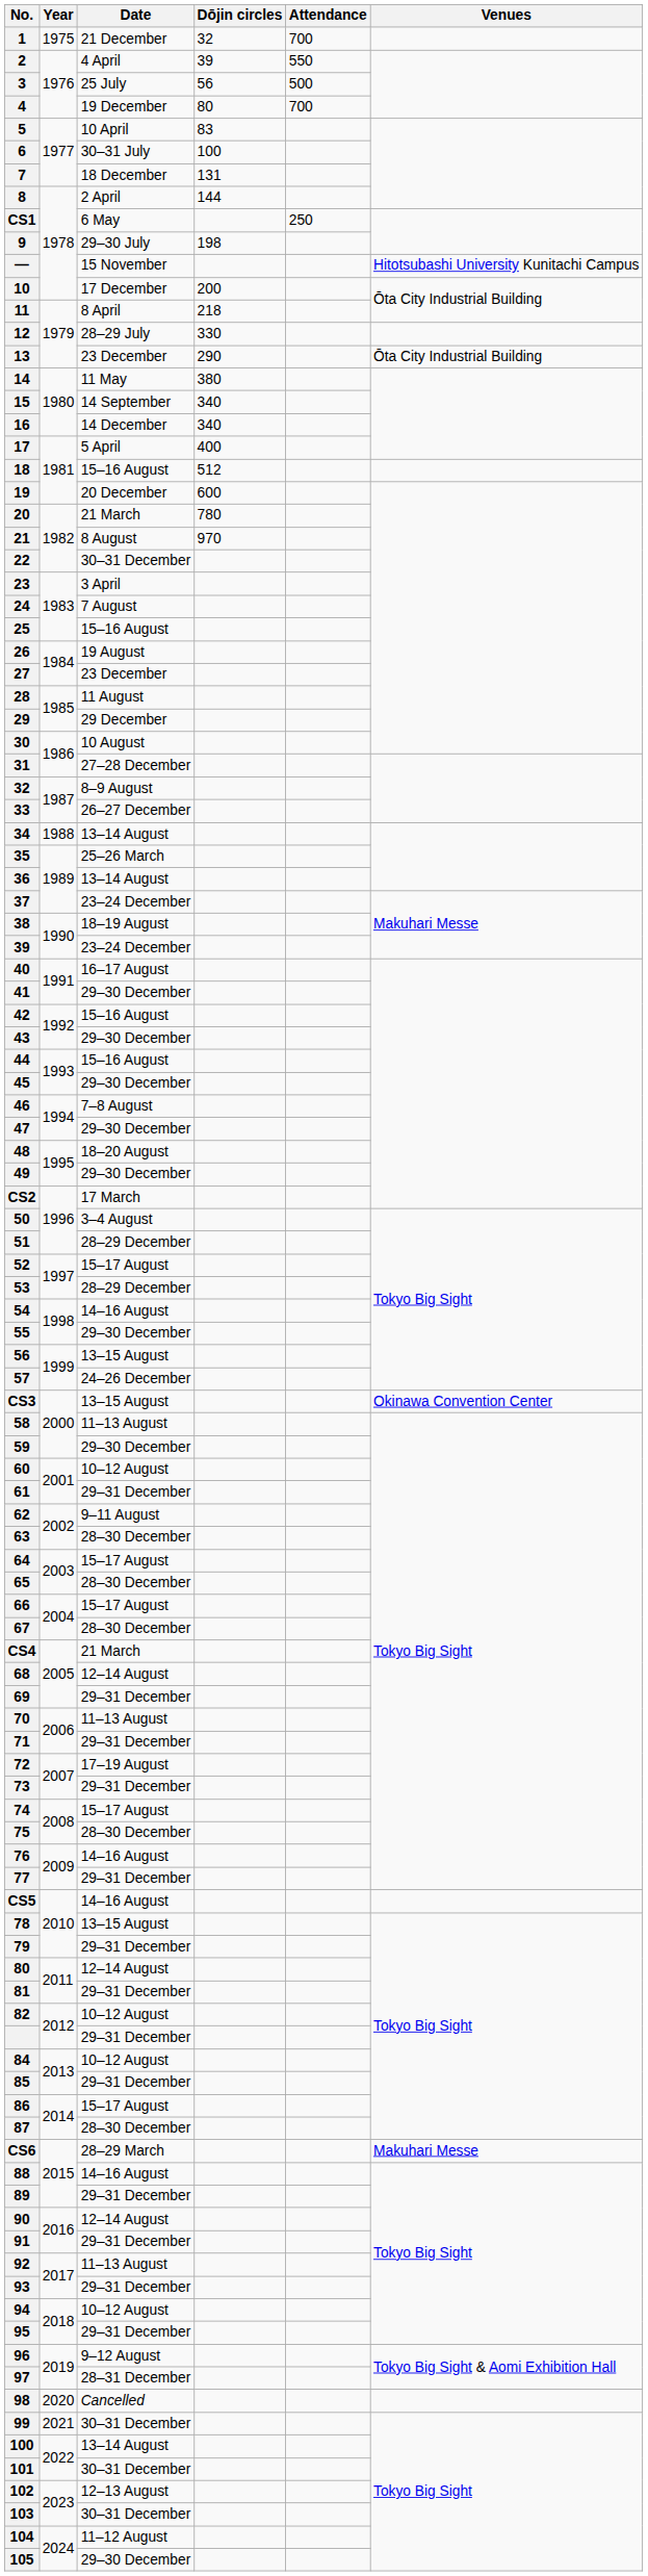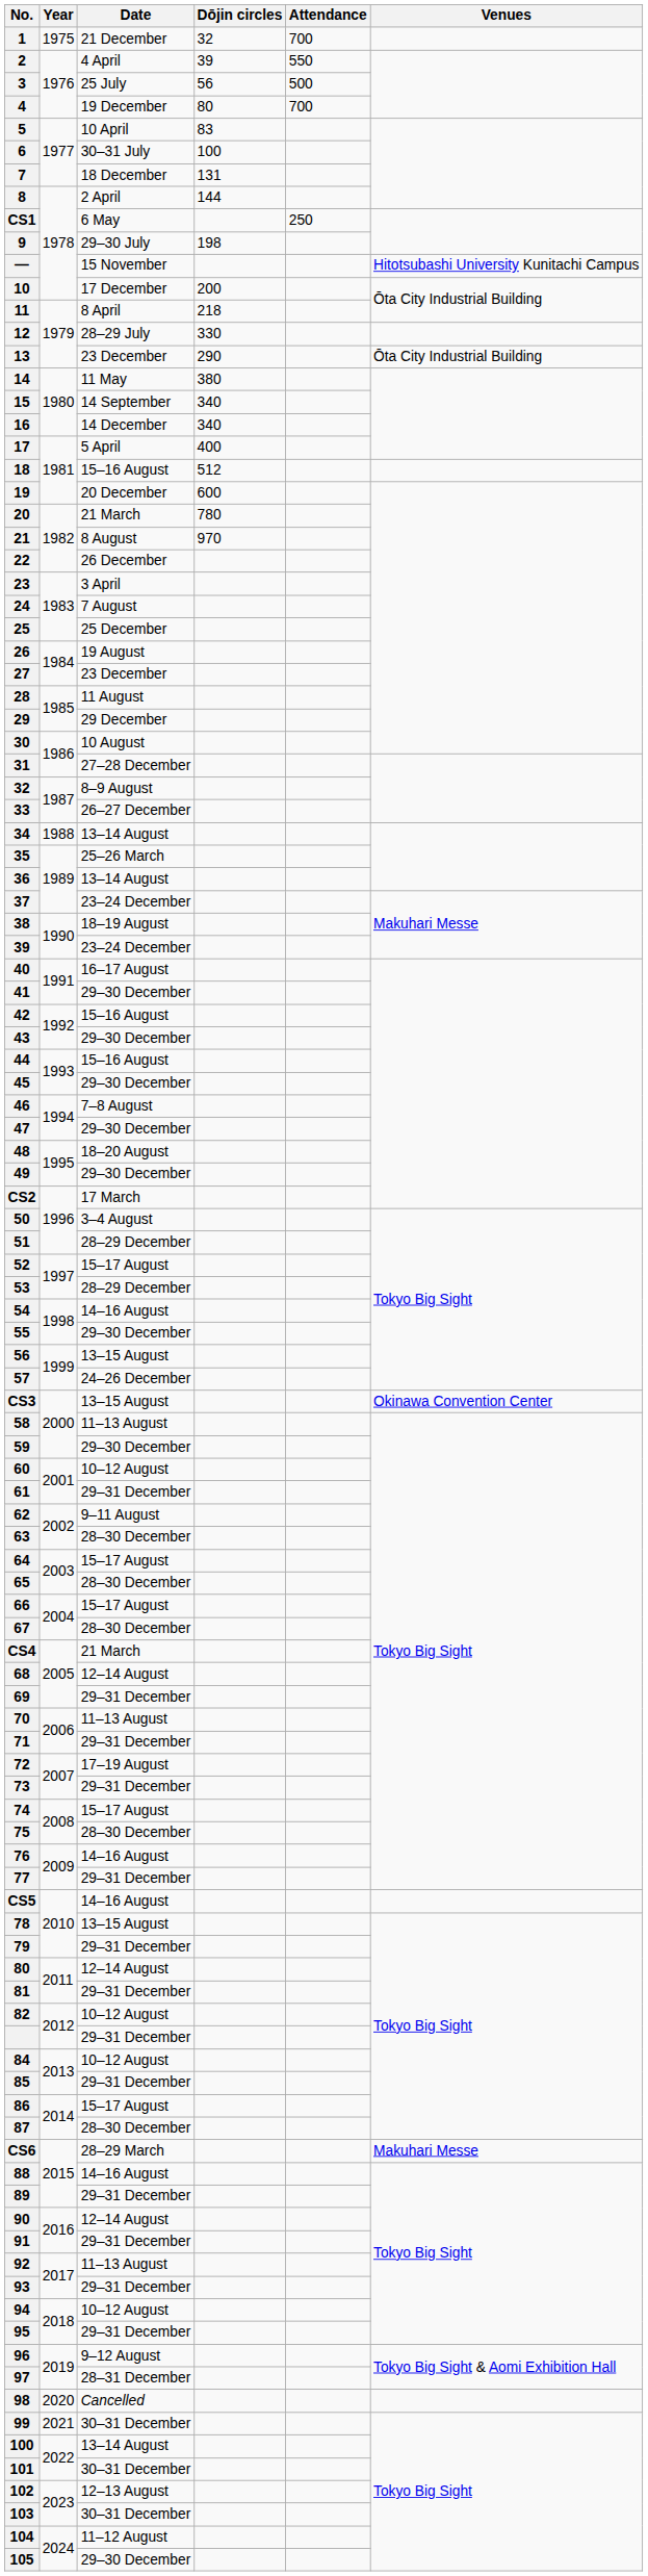 <table class="wikitable">
 <tr>
 <th>No.</th>
 <th>Year</th>
 <th>Date</th>
 <th>Dōjin circles</th>
 <th>Attendance</th>
 <th>Venues</th>
 </tr>
 <tr>
 <th>1</th>
 <td>1975</td>
 <td>21 December</td>
 <td>32</td>
 <td>700</td>
 <td></td>
 </tr>
 <tr>
 <th>2</th>
 <td rowspan="3">1976</td>
 <td>4 April</td>
 <td>39</td>
 <td>550</td>
 <td rowspan="3"></td>
 </tr>
 <tr>
 <th>3</th>
 <td>25 July</td>
 <td>56</td>
 <td>500</td>
 </tr>
 <tr>
 <th>4</th>
 <td>19 December</td>
 <td>80</td>
 <td>700</td>
 </tr>
 <tr>
 <th>5</th>
 <td rowspan="3">1977</td>
 <td>10 April</td>
 <td>83</td>
 <td></td>
 <td rowspan="4"></td>
 </tr>
 <tr>
 <th>6</th>
 <td>30–31 July</td>
 <td>100</td>
 <td></td>
 </tr>
 <tr>
 <th>7</th>
 <td>18 December</td>
 <td>131</td>
 <td></td>
 </tr>
 <tr>
 <th>8</th>
 <td rowspan="5">1978</td>
 <td>2 April</td>
 <td>144</td>
 <td></td>
 </tr>
 <tr>
 <th>CS1</th>
 <td>6 May</td>
 <td></td>
 <td>250</td>
 <td rowspan="2"></td>
 </tr>
 <tr>
 <th>9</th>
 <td>29–30 July</td>
 <td>198</td>
 <td></td>
 </tr>
 <tr>
 <th>—</th>
 <td>15 November</td>
 <td></td>
 <td></td>
 <td><a href='#'>Hitotsubashi University</a> Kunitachi Campus</td>
 </tr>
 <tr>
 <th>10</th>
 <td>17 December</td>
 <td>200</td>
 <td></td>
 <td rowspan="2">Ōta City Industrial Building</td>
 </tr>
 <tr>
 <th>11</th>
 <td rowspan="3">1979</td>
 <td>8 April</td>
 <td>218</td>
 <td></td>
 </tr>
 <tr>
 <th>12</th>
 <td>28–29 July</td>
 <td>330</td>
 <td></td>
 <td></td>
 </tr>
 <tr>
 <th>13</th>
 <td>23 December</td>
 <td>290</td>
 <td></td>
 <td>Ōta City Industrial Building</td>
 </tr>
 <tr>
 <th>14</th>
 <td rowspan="3">1980</td>
 <td>11 May</td>
 <td>380</td>
 <td></td>
 <td rowspan="4"></td>
 </tr>
 <tr>
 <th>15</th>
 <td>14 September</td>
 <td>340</td>
 <td></td>
 </tr>
 <tr>
 <th>16</th>
 <td>14 December</td>
 <td>340</td>
 <td></td>
 </tr>
 <tr>
 <th>17</th>
 <td rowspan="3">1981</td>
 <td>5 April</td>
 <td>400</td>
 <td></td>
 </tr>
 <tr>
 <th>18</th>
 <td>15–16 August</td>
 <td>512</td>
 <td></td>
 <td></td>
 </tr>
 <tr>
 <th>19</th>
 <td>20 December</td>
 <td>600</td>
 <td></td>
 <td rowspan="12"></td>
 </tr>
 <tr>
 <th>20</th>
 <td rowspan="3">1982</td>
 <td>21 March</td>
 <td>780</td>
 <td></td>
 </tr>
 <tr>
 <th>21</th>
 <td>8 August</td>
 <td>970</td>
 <td></td>
 </tr>
 <tr>
 <th>22</th>
-<td>30–31 December</td>
+<td>26 December</td>
 <td></td>
 <td></td>
 </tr>
 <tr>
 <th>23</th>
 <td rowspan="3">1983</td>
 <td>3 April</td>
 <td></td>
 <td></td>
 </tr>
 <tr>
 <th>24</th>
 <td>7 August</td>
 <td></td>
 <td></td>
 </tr>
 <tr>
 <th>25</th>
-<td>15–16 August</td>
+<td>25 December</td>
 <td></td>
 <td></td>
 </tr>
 <tr>
 <th>26</th>
 <td rowspan="2">1984</td>
 <td>19 August</td>
 <td></td>
 <td></td>
 </tr>
 <tr>
 <th>27</th>
 <td>23 December</td>
 <td></td>
 <td></td>
 </tr>
 <tr>
 <th>28</th>
 <td rowspan="2">1985</td>
 <td>11 August</td>
 <td></td>
 <td></td>
 </tr>
 <tr>
 <th>29</th>
 <td>29 December</td>
 <td></td>
 <td></td>
 </tr>
 <tr>
 <th>30</th>
 <td rowspan="2">1986</td>
 <td>10 August</td>
 <td></td>
 <td></td>
 </tr>
 <tr>
 <th>31</th>
 <td>27–28 December</td>
 <td></td>
 <td></td>
 <td rowspan="3"></td>
 </tr>
 <tr>
 <th>32</th>
 <td rowspan="2">1987</td>
 <td>8–9 August</td>
 <td></td>
 <td></td>
 </tr>
 <tr>
 <th>33</th>
 <td>26–27 December</td>
 <td></td>
 <td></td>
 </tr>
 <tr>
 <th>34</th>
 <td>1988</td>
 <td>13–14 August</td>
 <td></td>
 <td></td>
 <td rowspan="3"></td>
 </tr>
 <tr>
 <th>35</th>
 <td rowspan="3">1989</td>
 <td>25–26 March</td>
 <td></td>
 <td></td>
 </tr>
 <tr>
 <th>36</th>
 <td>13–14 August</td>
 <td></td>
 <td></td>
 </tr>
 <tr>
 <th>37</th>
 <td>23–24 December</td>
 <td></td>
 <td></td>
 <td rowspan="3"><a href='#'>Makuhari Messe</a></td>
 </tr>
 <tr>
 <th>38</th>
 <td rowspan="2">1990</td>
 <td>18–19 August</td>
 <td></td>
 <td></td>
 </tr>
 <tr>
 <th>39</th>
 <td>23–24 December</td>
 <td></td>
 <td></td>
 </tr>
 <tr>
 <th>40</th>
 <td rowspan="2">1991</td>
 <td>16–17 August</td>
 <td></td>
 <td></td>
 <td rowspan="11"></td>
 </tr>
 <tr>
 <th>41</th>
 <td>29–30 December</td>
 <td></td>
 <td></td>
 </tr>
 <tr>
 <th>42</th>
 <td rowspan="2">1992</td>
 <td>15–16 August</td>
 <td></td>
 <td></td>
 </tr>
 <tr>
 <th>43</th>
 <td>29–30 December</td>
 <td></td>
 <td></td>
 </tr>
 <tr>
 <th>44</th>
 <td rowspan="2">1993</td>
 <td>15–16 August</td>
 <td></td>
 <td></td>
 </tr>
 <tr>
 <th>45</th>
 <td>29–30 December</td>
 <td></td>
 <td></td>
 </tr>
 <tr>
 <th>46</th>
 <td rowspan="2">1994</td>
 <td>7–8 August</td>
 <td></td>
 <td></td>
 </tr>
 <tr>
 <th>47</th>
 <td>29–30 December</td>
 <td></td>
 <td></td>
 </tr>
 <tr>
 <th>48</th>
 <td rowspan="2">1995</td>
 <td>18–20 August</td>
 <td></td>
 <td></td>
 </tr>
 <tr>
 <th>49</th>
 <td>29–30 December</td>
 <td></td>
 <td></td>
 </tr>
 <tr>
 <th>CS2</th>
 <td rowspan="3">1996</td>
 <td>17 March</td>
 <td></td>
 <td></td>
 </tr>
 <tr>
 <th>50</th>
 <td>3–4 August</td>
 <td></td>
 <td></td>
 <td rowspan="8"><a href='#'>Tokyo Big Sight</a></td>
 </tr>
 <tr>
 <th>51</th>
 <td>28–29 December</td>
 <td></td>
 <td></td>
 </tr>
 <tr>
 <th>52</th>
 <td rowspan="2">1997</td>
 <td>15–17 August</td>
 <td></td>
 <td></td>
 </tr>
 <tr>
 <th>53</th>
 <td>28–29 December</td>
 <td></td>
 <td></td>
 </tr>
 <tr>
 <th>54</th>
 <td rowspan="2">1998</td>
 <td>14–16 August</td>
 <td></td>
 <td></td>
 </tr>
 <tr>
 <th>55</th>
 <td>29–30 December</td>
 <td></td>
 <td></td>
 </tr>
 <tr>
 <th>56</th>
 <td rowspan="2">1999</td>
 <td>13–15 August</td>
 <td></td>
 <td></td>
 </tr>
 <tr>
 <th>57</th>
 <td>24–26 December</td>
 <td></td>
 <td></td>
 </tr>
 <tr>
 <th>CS3</th>
 <td rowspan="3">2000</td>
 <td>13–15 August</td>
 <td></td>
 <td></td>
 <td><a href='#'>Okinawa Convention Center</a></td>
 </tr>
 <tr>
 <th>58</th>
 <td>11–13 August</td>
 <td></td>
 <td></td>
 <td rowspan="21"><a href='#'>Tokyo Big Sight</a></td>
 </tr>
 <tr>
 <th>59</th>
 <td>29–30 December</td>
 <td></td>
 <td></td>
 </tr>
 <tr>
 <th>60</th>
 <td rowspan="2">2001</td>
 <td>10–12 August</td>
 <td></td>
 <td></td>
 </tr>
 <tr>
 <th>61</th>
 <td>29–31 December</td>
 <td></td>
 <td></td>
 </tr>
 <tr>
 <th>62</th>
 <td rowspan="2">2002</td>
 <td>9–11 August</td>
 <td></td>
 <td></td>
 </tr>
 <tr>
 <th>63</th>
 <td>28–30 December</td>
 <td></td>
 <td></td>
 </tr>
 <tr>
 <th>64</th>
 <td rowspan="2">2003</td>
 <td>15–17 August</td>
 <td></td>
 <td></td>
 </tr>
 <tr>
 <th>65</th>
 <td>28–30 December</td>
 <td></td>
 <td></td>
 </tr>
 <tr>
 <th>66</th>
 <td rowspan="2">2004</td>
 <td>15–17 August</td>
 <td></td>
 <td></td>
 </tr>
 <tr>
 <th>67</th>
 <td>28–30 December</td>
 <td></td>
 <td></td>
 </tr>
 <tr>
 <th>CS4</th>
 <td rowspan="3">2005</td>
 <td>21 March</td>
 <td></td>
 <td></td>
 </tr>
 <tr>
 <th>68</th>
 <td>12–14 August</td>
 <td></td>
 <td></td>
 </tr>
 <tr>
 <th>69</th>
 <td>29–31 December</td>
 <td></td>
 <td></td>
 </tr>
 <tr>
 <th>70</th>
 <td rowspan="2">2006</td>
 <td>11–13 August</td>
 <td></td>
 <td></td>
 </tr>
 <tr>
 <th>71</th>
 <td>29–31 December</td>
 <td></td>
 <td></td>
 </tr>
 <tr>
 <th>72</th>
 <td rowspan="2">2007</td>
 <td>17–19 August</td>
 <td></td>
 <td></td>
 </tr>
 <tr>
 <th>73</th>
 <td>29–31 December</td>
 <td></td>
 <td></td>
 </tr>
 <tr>
 <th>74</th>
 <td rowspan="2">2008</td>
 <td>15–17 August</td>
 <td></td>
 <td></td>
 </tr>
 <tr>
 <th>75</th>
 <td>28–30 December</td>
 <td></td>
 <td></td>
 </tr>
 <tr>
 <th>76</th>
 <td rowspan="2">2009</td>
 <td>14–16 August</td>
 <td></td>
 <td></td>
 </tr>
 <tr>
 <th>77</th>
 <td>29–31 December</td>
 <td></td>
 <td></td>
 </tr>
 <tr>
 <th>CS5</th>
 <td rowspan="3">2010</td>
 <td>14–16 August</td>
 <td></td>
 <td></td>
 <td></td>
 </tr>
 <tr>
 <th>78</th>
 <td>13–15 August</td>
 <td></td>
 <td></td>
 <td rowspan="10"><a href='#'>Tokyo Big Sight</a></td>
 </tr>
 <tr>
 <th>79</th>
 <td>29–31 December</td>
 <td></td>
 <td></td>
 </tr>
 <tr>
 <th>80</th>
 <td rowspan="2">2011</td>
 <td>12–14 August</td>
 <td></td>
 <td></td>
 </tr>
 <tr>
 <th>81</th>
 <td>29–31 December</td>
 <td></td>
 <td></td>
 </tr>
 <tr>
 <th>82</th>
 <td rowspan="2">2012</td>
 <td>10–12 August</td>
 <td></td>
 <td></td>
 </tr>
 <tr>
 <th></th>
 <td>29–31 December</td>
 <td></td>
 <td></td>
 </tr>
 <tr>
 <th>84</th>
 <td rowspan="2">2013</td>
 <td>10–12 August</td>
 <td></td>
 <td></td>
 </tr>
 <tr>
 <th>85</th>
 <td>29–31 December</td>
 <td></td>
 <td></td>
 </tr>
 <tr>
 <th>86</th>
 <td rowspan="2">2014</td>
 <td>15–17 August</td>
 <td></td>
 <td></td>
 </tr>
 <tr>
 <th>87</th>
 <td>28–30 December</td>
 <td></td>
 <td></td>
 </tr>
 <tr>
 <th>CS6</th>
 <td rowspan="3">2015</td>
 <td>28–29 March</td>
 <td></td>
 <td></td>
 <td><a href='#'>Makuhari Messe</a></td>
 </tr>
 <tr>
 <th>88</th>
 <td>14–16 August</td>
 <td></td>
 <td></td>
 <td rowspan="8"><a href='#'>Tokyo Big Sight</a></td>
 </tr>
 <tr>
 <th>89</th>
 <td>29–31 December</td>
 <td></td>
 <td></td>
 </tr>
 <tr>
 <th>90</th>
 <td rowspan="2">2016</td>
 <td>12–14 August</td>
 <td></td>
 <td></td>
 </tr>
 <tr>
 <th>91</th>
 <td>29–31 December</td>
 <td></td>
 <td></td>
 </tr>
 <tr>
 <th>92</th>
 <td rowspan="2">2017</td>
 <td>11–13 August</td>
 <td></td>
 <td></td>
 </tr>
 <tr>
 <th>93</th>
 <td>29–31 December</td>
 <td></td>
 <td></td>
 </tr>
 <tr>
 <th>94</th>
 <td rowspan="2">2018</td>
 <td>10–12 August</td>
 <td></td>
 <td></td>
 </tr>
 <tr>
 <th>95</th>
 <td>29–31 December</td>
 <td></td>
 <td></td>
 </tr>
 <tr>
 <th>96</th>
 <td rowspan="2">2019</td>
 <td>9–12 August</td>
 <td></td>
 <td></td>
 <td rowspan="2"><a href='#'>Tokyo Big Sight</a> & <a href='#'>Aomi Exhibition Hall</a></td>
 </tr>
 <tr>
 <th>97</th>
 <td>28–31 December</td>
 <td></td>
 <td></td>
 </tr>
 <tr>
 <th>98</th>
 <td>2020</td>
 <td><em>Cancelled</em></td>
 <td></td>
 <td></td>
 <td></td>
 </tr>
 <tr>
 <th>99</th>
 <td>2021</td>
 <td>30–31 December</td>
 <td></td>
 <td></td>
 <td rowspan="7"><a href='#'>Tokyo Big Sight</a></td>
 </tr>
 <tr>
 <th>100</th>
 <td rowspan="2">2022</td>
 <td>13–14 August</td>
 <td></td>
 <td></td>
 </tr>
 <tr>
 <th>101</th>
 <td>30–31 December</td>
 <td></td>
 <td></td>
 </tr>
 <tr>
 <th>102</th>
 <td rowspan="2">2023</td>
 <td>12–13 August</td>
 <td></td>
 <td></td>
 </tr>
 <tr>
 <th>103</th>
 <td>30–31 December</td>
 <td></td>
 <td></td>
 </tr>
 <tr>
 <th>104</th>
 <td rowspan="2">2024</td>
 <td>11–12 August</td>
 <td></td>
 <td></td>
 </tr>
 <tr>
 <th>105</th>
 <td>29–30 December</td>
 <td></td>
 <td></td>
 </tr>
 </table>
